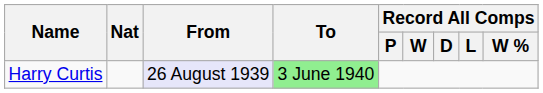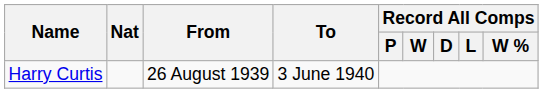 <table style="text-align: center" class="wikitable">
 <tr>
 <th rowspan="2">Name</th>
 <th rowspan="2">Nat</th>
 <th rowspan="2">From</th>
 <th rowspan="2">To</th>
 <th colspan="5">Record All Comps</th>
 </tr>
 <tr>
 <th>P</th>
 <th>W</th>
 <th>D</th>
 <th>L</th>
 <th>W %</th>
 </tr>
 <tr>
 <td style="text-align:left;"><a href='#'>Harry Curtis</a></td>
 <td></td>
-<td style="background: lavender; text-align:left;">26 August 1939</td>
-<td style="background: lightgreen; text-align:left;">3 June 1940<br></td>
+<td style="text-align:left;">26 August 1939</td>
+<td style="text-align:left;">3 June 1940<br></td>
 </tr>
 </table>
